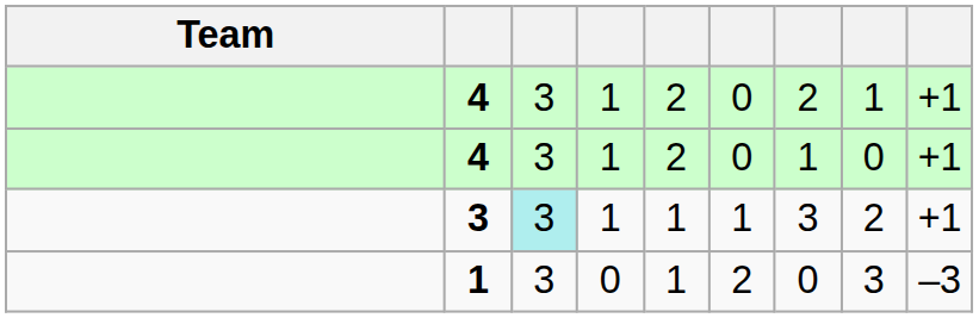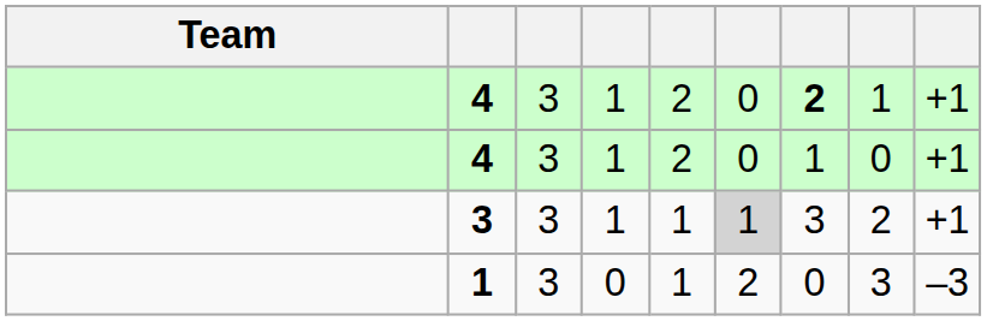 <table class="wikitable" style="text-align:center">
 <tr>
 <th width="175">Team</th>
 <th width="20"></th>
 <th width="20"></th>
 <th width="20"></th>
 <th width="20"></th>
 <th width="20"></th>
 <th width="20"></th>
 <th width="20"></th>
 <th width="20"></th>
 </tr>
 <tr bgcolor=#CCFFCC>
 <td align=left></td>
 <td><strong>4</strong></td>
 <td>3</td>
 <td>1</td>
 <td>2</td>
 <td>0</td>
-<td>2</td>
+<td><strong>2</strong></td>
 <td>1</td>
 <td>+1</td>
 </tr>
 <tr bgcolor=#CCFFCC>
 <td align=left></td>
 <td><strong>4</strong></td>
 <td>3</td>
 <td>1</td>
 <td>2</td>
 <td>0</td>
 <td>1</td>
 <td>0</td>
 <td>+1</td>
 </tr>
 <tr>
 <td align=left></td>
 <td><strong>3</strong></td>
-<td style="background: paleturquoise;">3</td>
+<td>3</td>
 <td>1</td>
 <td>1</td>
-<td>1</td>
+<td style="background: lightgrey;">1</td>
 <td>3</td>
 <td>2</td>
 <td>+1</td>
 </tr>
 <tr>
 <td align=left></td>
 <td><strong>1</strong></td>
 <td>3</td>
 <td>0</td>
 <td>1</td>
 <td>2</td>
 <td>0</td>
 <td>3</td>
 <td>–3</td>
 </tr>
 </table>
